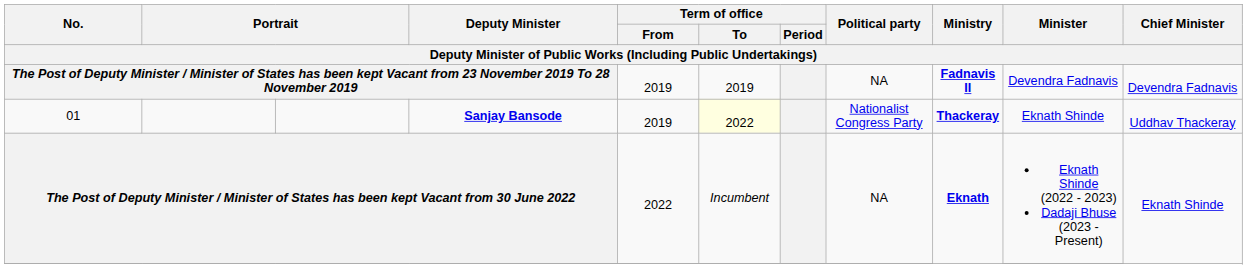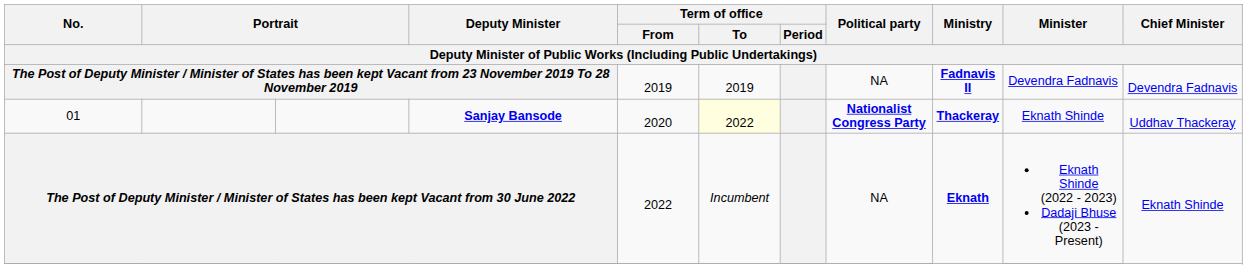 <table class="wikitable" style="text-align:center">
 <tr>
 <th rowspan="2">No.</th>
 <th rowspan="2" colspan="2">Portrait</th>
 <th rowspan="2" style="width:16em">Deputy Minister<br></th>
 <th colspan="3">Term of office</th>
 <th rowspan="2" style="width:8em">Political party</th>
 <th rowspan="2">Ministry</th>
 <th rowspan="2" style="width:9em">Minister</th>
 <th rowspan="2" style="width:9em">Chief Minister</th>
 </tr>
 <tr>
 <th style="width:6em">From</th>
 <th style="width:6em">To</th>
 <th>Period</th>
 </tr>
 <tr>
 <th colspan="11">Deputy Minister of Public Works (Including Public Undertakings)</th>
 </tr>
 <tr>
 <th colspan="04"><strong><em>The Post of Deputy Minister / Minister of States has been kept Vacant from 23 November 2019 To 28 November 2019</em></strong></th>
 <td><br>2019</td>
 <td><br>2019</td>
 <th></th>
 <td>NA</td>
 <td rowspan="1"><a href='#'><strong>Fadnavis II</strong></a></td>
 <td><a href='#'>Devendra Fadnavis</a></td>
 <td rowspan="1"> <br><a href='#'>Devendra Fadnavis</a></td>
 </tr>
 <tr>
 <td>01</td>
 <td style="color:inherit;background:"></td>
 <td></td>
 <td><strong><a href='#'>Sanjay Bansode</a></strong> <br> </td>
-<td><br>2019</td>
+<td><br>2020</td>
 <td style="background: lightyellow;"><br>2022</td>
 <th></th>
-<td><a href='#'>Nationalist Congress Party</a></td>
+<td><strong><a href='#'>Nationalist Congress Party</a></strong></td>
 <td rowspan="1"><a href='#'><strong>Thackeray</strong></a></td>
 <td><a href='#'>Eknath Shinde</a></td>
 <td rowspan="1"> <br><a href='#'>Uddhav Thackeray</a></td>
 </tr>
 <tr>
 <th colspan="04"><strong><em>The Post of Deputy Minister / Minister of States has been kept Vacant from 30 June 2022</em></strong></th>
 <td><br>2022</td>
 <td><em>Incumbent</em></td>
 <th></th>
 <td>NA</td>
 <td rowspan="2"><a href='#'><strong>Eknath</strong></a></td>
 <td><br><ul><li><a href='#'>Eknath Shinde</a><br>(2022 - 2023)</li><li><a href='#'>Dadaji Bhuse</a><br> (2023 - Present)</li></ul></td>
 <td rowspan="2"> <br><a href='#'>Eknath Shinde</a></td>
 </tr>
 <tr>
 </tr>
 </table>
